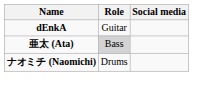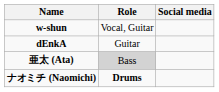 <table class="wikitable" ; style="text-align:center; style:vertical-align:middle;">
 <tr>
 <th>Name</th>
 <th>Role</th>
 <th>Social media</th>
+</tr>
+<tr>
+<td><strong>w-shun</strong></td>
+<td>Vocal, Guitar</td>
+<td></td>
 </tr>
 <tr>
 <td><strong>dEnkA</strong></td>
 <td>Guitar</td>
 <td></td>
 </tr>
 <tr>
 <td><strong>亜太 (Ata)</strong></td>
 <td style="background: lightgrey;">Bass</td>
 <td><br></td>
 </tr>
 <tr>
 <td><strong>ナオミチ (Naomichi)</strong></td>
-<td>Drums</td>
+<td><strong>Drums</strong></td>
 <td><br></td>
 </tr>
 </table>
